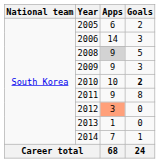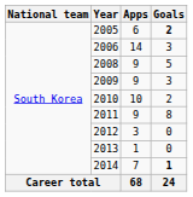 <table class="wikitable" style="text-align:center">
 <tr>
 <th>National team</th>
 <th>Year</th>
 <th>Apps</th>
 <th>Goals</th>
 </tr>
 <tr>
 <td rowspan="9"><a href='#'>South Korea</a></td>
 <td>2005</td>
 <td>6</td>
-<td>2</td>
+<td><strong>2</strong></td>
 </tr>
 <tr>
 <td>2006</td>
 <td>14</td>
 <td>3</td>
 </tr>
 <tr>
 <td>2008</td>
-<td style="background: lightgrey;">9</td>
+<td>9</td>
 <td>5</td>
 </tr>
 <tr>
 <td>2009</td>
 <td>9</td>
 <td>3</td>
 </tr>
 <tr>
 <td>2010</td>
 <td>10</td>
-<td><strong>2</strong></td>
+<td>2</td>
 </tr>
 <tr>
 <td>2011</td>
 <td>9</td>
 <td>8</td>
 </tr>
 <tr>
 <td>2012</td>
-<td style="background: lightsalmon;">3</td>
+<td>3</td>
 <td>0</td>
 </tr>
 <tr>
 <td>2013</td>
 <td>1</td>
 <td>0</td>
 </tr>
 <tr>
 <td>2014</td>
 <td>7</td>
-<td>1</td>
+<td><strong>1</strong></td>
 </tr>
 <tr>
 <th colspan="2">Career total</th>
 <th>68</th>
 <th>24</th>
 </tr>
 </table>
